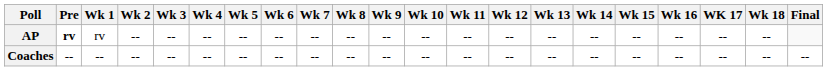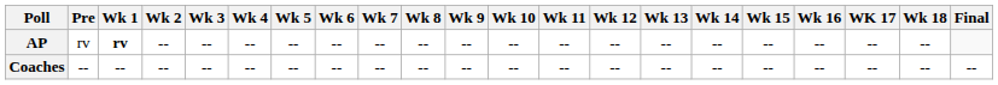 <table class="wikitable" style="white-space:nowrap;">
 <tr>
 <th>Poll</th>
 <th>Pre</th>
 <th>Wk 1</th>
 <th>Wk 2</th>
 <th>Wk 3</th>
 <th>Wk 4</th>
 <th>Wk 5</th>
 <th>Wk 6</th>
 <th>Wk 7</th>
 <th>Wk 8</th>
 <th>Wk 9</th>
 <th>Wk 10</th>
 <th>Wk 11</th>
 <th>Wk 12</th>
 <th>Wk 13</th>
 <th>Wk 14</th>
 <th>Wk 15</th>
 <th>Wk 16</th>
 <th>WK 17</th>
 <th>Wk 18</th>
 <th>Final</th>
 </tr>
 <tr style="text-align:center;">
 <th>AP</th>
+<td style="background:#FFF;">rv</td>
 <td style="background:#FFF;"><strong>rv</strong></td>
-<td style="background:#FFF;">rv</td>
 <td style="background:#FFF;">--</td>
 <td style="background:#FFF;">--</td>
 <td style="background:#FFF;">--</td>
 <td style="background:#FFF;">--</td>
 <td style="background:#FFF;">--</td>
 <td style="background:#FFF;">--</td>
 <td style="background:#FFF;">--</td>
 <td style="background:#FFF;">--</td>
 <td style="background:#FFF;">--</td>
 <td style="background:#FFF;">--</td>
 <td style="background:#FFF;">--</td>
 <td style="background:#FFF;">--</td>
 <td style="background:#FFF;">--</td>
 <td style="background:#FFF;">--</td>
 <td style="background:#FFF;">--</td>
 <td style="background:#FFF;">--</td>
 <td style="background:#FFF;">--</td>
 </tr>
 <tr style="text-align:center;">
 <th>Coaches</th>
 <td style="background:#FFF;">--</td>
 <td style="background:#FFF;">--</td>
 <td style="background:#FFF;">--</td>
 <td style="background:#FFF;">--</td>
 <td style="background:#FFF;">--</td>
 <td style="background:#FFF;">--</td>
 <td style="background:#FFF;">--</td>
 <td style="background:#FFF;">--</td>
 <td style="background:#FFF;">--</td>
 <td style="background:#FFF;">--</td>
 <td style="background:#FFF;">--</td>
 <td style="background:#FFF;">--</td>
 <td style="background:#FFF;">--</td>
 <td style="background:#FFF;">--</td>
 <td style="background:#FFF;">--</td>
 <td style="background:#FFF;">--</td>
 <td style="background:#FFF;">--</td>
 <td style="background:#FFF;">--</td>
 <td style="background:#FFF;">--</td>
 <td style="background:#FFF;">--</td>
 </tr>
 </table>
